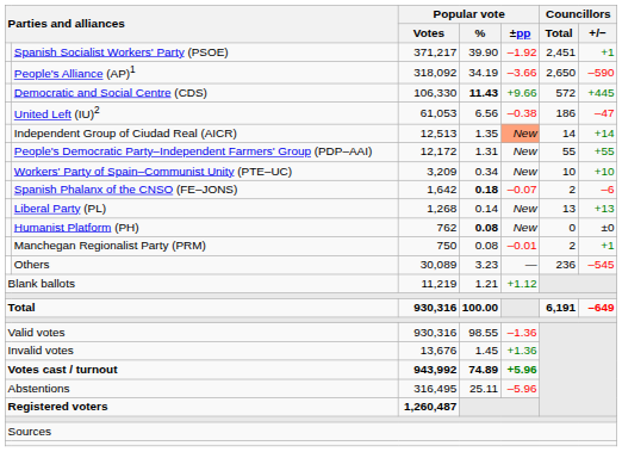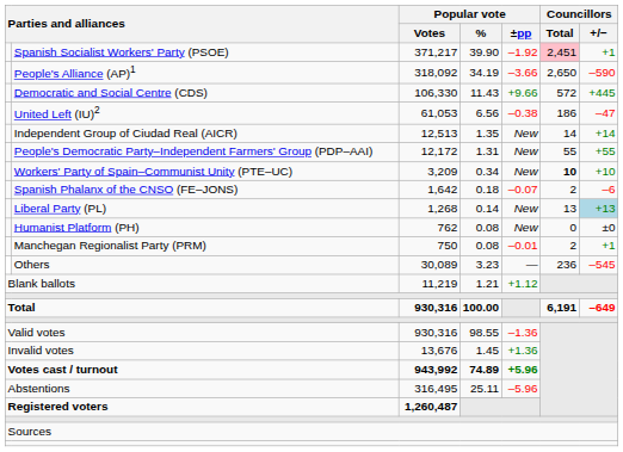 <table class="wikitable" style="text-align:right;">
 <tr>
 <th style="text-align:left;" rowspan="2" colspan="2" width="525">Parties and alliances</th>
 <th colspan="3">Popular vote</th>
 <th colspan="2">Councillors</th>
 </tr>
 <tr>
 <th width="75">Votes</th>
 <th width="45">%</th>
 <th width="45">±<a href='#'>pp</a></th>
 <th width="45">Total</th>
 <th width="45">+/−</th>
 </tr>
 <tr>
 <td width="1" style="color:inherit;background:"></td>
 <td align="left"><a href='#'>Spanish Socialist Workers' Party</a> (PSOE)</td>
 <td>371,217</td>
 <td>39.90</td>
 <td style="color:red;">–1.92</td>
-<td>2,451</td>
+<td style="background: pink;">2,451</td>
 <td style="color:green;">+1</td>
 </tr>
 <tr>
 <td style="color:inherit;background:"></td>
 <td align="left"><a href='#'>People's Alliance</a> (AP)<sup>1</sup></td>
 <td>318,092</td>
 <td>34.19</td>
 <td style="color:red;">–3.66</td>
 <td>2,650</td>
 <td style="color:red;">–590</td>
 </tr>
 <tr>
 <td style="color:inherit;background:"></td>
 <td align="left"><a href='#'>Democratic and Social Centre</a> (CDS)</td>
 <td>106,330</td>
-<td><strong>11.43</strong></td>
+<td>11.43</td>
 <td style="color:green;">+9.66</td>
 <td>572</td>
 <td style="color:green;">+445</td>
 </tr>
 <tr>
 <td style="color:inherit;background:"></td>
 <td align="left"><a href='#'>United Left</a> (IU)<sup>2</sup></td>
 <td>61,053</td>
 <td>6.56</td>
 <td style="color:red;">–0.38</td>
 <td>186</td>
 <td style="color:red;">–47</td>
 </tr>
 <tr>
 <td style="color:inherit;background:"></td>
 <td align="left">Independent Group of Ciudad Real (AICR)</td>
 <td>12,513</td>
 <td>1.35</td>
-<td style="background: lightsalmon;"><em>New</em></td>
+<td><em>New</em></td>
 <td>14</td>
 <td style="color:green;">+14</td>
 </tr>
 <tr>
 <td style="color:inherit;background:"></td>
 <td align="left"><a href='#'>People's Democratic Party–Independent Farmers' Group</a> (PDP–AAI)</td>
 <td>12,172</td>
 <td>1.31</td>
 <td><em>New</em></td>
 <td>55</td>
 <td style="color:green;">+55</td>
 </tr>
 <tr>
 <td style="color:inherit;background:"></td>
 <td align="left"><a href='#'>Workers' Party of Spain–Communist Unity</a> (PTE–UC)</td>
 <td>3,209</td>
 <td>0.34</td>
 <td><em>New</em></td>
-<td>10</td>
+<td><strong>10</strong></td>
 <td style="color:green;">+10</td>
 </tr>
 <tr>
 <td style="color:inherit;background:"></td>
 <td align="left"><a href='#'>Spanish Phalanx of the CNSO</a> (FE–JONS)</td>
 <td>1,642</td>
-<td><strong>0.18</strong></td>
+<td>0.18</td>
 <td style="color:red;">–0.07</td>
 <td>2</td>
 <td style="color:red;">–6</td>
 </tr>
 <tr>
 <td style="color:inherit;background:"></td>
 <td align="left"><a href='#'>Liberal Party</a> (PL)</td>
 <td>1,268</td>
 <td>0.14</td>
 <td><em>New</em></td>
 <td>13</td>
-<td style="color:green;">+13</td>
+<td style="background: lightblue; color:green;">+13</td>
 </tr>
 <tr>
 <td style="color:inherit;background:"></td>
 <td align="left"><a href='#'>Humanist Platform</a> (PH)</td>
 <td>762</td>
-<td><strong>0.08</strong></td>
+<td>0.08</td>
 <td><em>New</em></td>
 <td>0</td>
 <td>±0</td>
 </tr>
 <tr>
 <td style="color:inherit;background:"></td>
 <td align="left">Manchegan Regionalist Party (PRM)</td>
 <td>750</td>
 <td>0.08</td>
 <td style="color:red;">–0.01</td>
 <td>2</td>
 <td style="color:green;">+1</td>
 </tr>
 <tr>
 <td bgcolor="white"></td>
 <td align="left">Others</td>
 <td>30,089</td>
 <td>3.23</td>
 <td>—</td>
 <td>236</td>
 <td style="color:red;">–545</td>
 </tr>
 <tr>
 <td align="left" colspan="2">Blank ballots</td>
 <td>11,219</td>
 <td>1.21</td>
 <td style="color:green;">+1.12</td>
 <td bgcolor="#E9E9E9" colspan="2"></td>
 </tr>
 <tr>
 <td colspan="7" bgcolor="#E9E9E9"></td>
 </tr>
 <tr style="font-weight:bold;">
 <td align="left" colspan="2">Total</td>
 <td>930,316</td>
 <td>100.00</td>
 <td bgcolor="#E9E9E9"></td>
 <td>6,191</td>
 <td style="color:red;">–649</td>
 </tr>
 <tr>
 <td colspan="7" bgcolor="#E9E9E9"></td>
 </tr>
 <tr>
 <td align="left" colspan="2">Valid votes</td>
 <td>930,316</td>
 <td>98.55</td>
 <td style="color:red;">–1.36</td>
 <td bgcolor="#E9E9E9" colspan="2" rowspan="5"></td>
 </tr>
 <tr>
 <td align="left" colspan="2">Invalid votes</td>
 <td>13,676</td>
 <td>1.45</td>
 <td style="color:green;">+1.36</td>
 </tr>
 <tr style="font-weight:bold;">
 <td align="left" colspan="2">Votes cast / turnout</td>
 <td>943,992</td>
 <td>74.89</td>
 <td style="color:green;">+5.96</td>
 </tr>
 <tr>
 <td align="left" colspan="2">Abstentions</td>
 <td>316,495</td>
 <td>25.11</td>
 <td style="color:red;">–5.96</td>
 </tr>
 <tr style="font-weight:bold;">
 <td align="left" colspan="2">Registered voters</td>
 <td>1,260,487</td>
 <td bgcolor="#E9E9E9" colspan="2"></td>
 </tr>
 <tr>
 <td colspan="7" bgcolor="#E9E9E9"></td>
 </tr>
 <tr>
 <td align="left" colspan="7">Sources</td>
 </tr>
 <tr>
 <td colspan="7" style="text-align:left; max-width:790px;"></td>
 </tr>
 </table>
